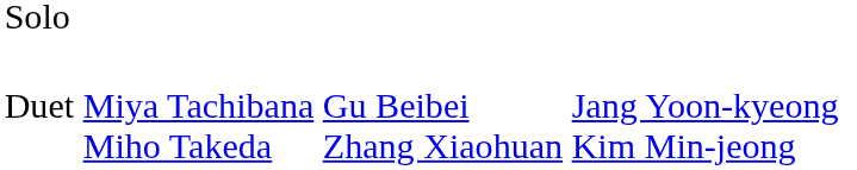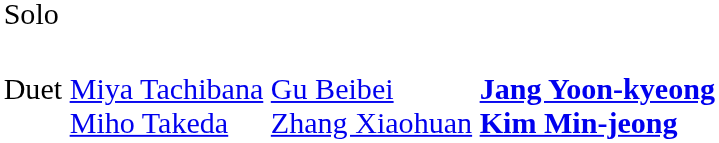 <table>
 <tr>
 <td>Solo<br></td>
 <td></td>
 <td></td>
 <td></td>
 </tr>
 <tr>
 <td>Duet<br></td>
 <td><br><a href='#'>Miya Tachibana</a><br><a href='#'>Miho Takeda</a></td>
 <td><br><a href='#'>Gu Beibei</a><br><a href='#'>Zhang Xiaohuan</a></td>
-<td><br><a href='#'>Jang Yoon-kyeong</a><br><a href='#'>Kim Min-jeong</a></td>
+<td><strong><br><a href='#'>Jang Yoon-kyeong</a><br><a href='#'>Kim Min-jeong</a></strong></td>
 </tr>
 </table>
